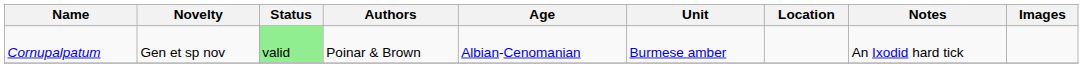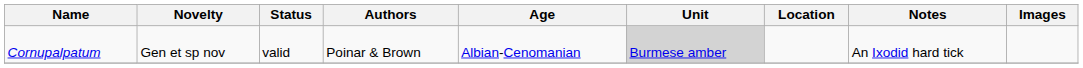 <table class="wikitable sortable" align="center" width="100%">
 <tr>
 <th>Name</th>
 <th>Novelty</th>
 <th>Status</th>
 <th>Authors</th>
 <th>Age</th>
 <th>Unit</th>
 <th>Location</th>
 <th>Notes</th>
 <th>Images</th>
 </tr>
 <tr>
 <td><br><em><a href='#'>Cornupalpatum</a></em></td>
 <td><br>Gen et sp nov</td>
-<td style="background: lightgreen;"><br>valid</td>
+<td><br>valid</td>
 <td><br>Poinar & Brown</td>
 <td><br><a href='#'>Albian</a>-<a href='#'>Cenomanian</a></td>
-<td><br><a href='#'>Burmese amber</a></td>
+<td style="background: lightgrey;"><br><a href='#'>Burmese amber</a></td>
 <td><br></td>
 <td><br>An <a href='#'>Ixodid</a> hard tick</td>
 <td><br></td>
 </tr>
 <tr>
 </tr>
 </table>
